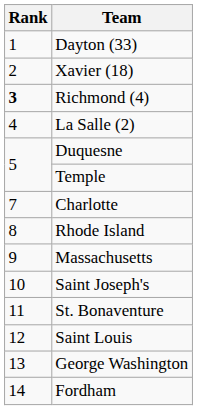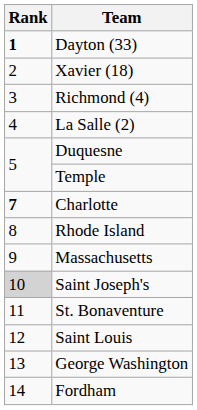 <table class=wikitable>
 <tr>
 <th>Rank</th>
 <th>Team</th>
 </tr>
 <tr>
-<td>1</td>
+<td><strong>1</strong></td>
 <td>Dayton (33)</td>
 </tr>
 <tr>
 <td>2</td>
 <td>Xavier (18)</td>
 </tr>
 <tr>
-<td><strong>3</strong></td>
+<td>3</td>
 <td>Richmond (4)</td>
 </tr>
 <tr>
 <td>4</td>
 <td>La Salle (2)</td>
 </tr>
 <tr>
 <td rowspan="2" style="vertical-align:middle;">5</td>
 <td>Duquesne</td>
 </tr>
 <tr>
 <td>Temple</td>
 </tr>
 <tr>
-<td>7</td>
+<td><strong>7</strong></td>
 <td>Charlotte</td>
 </tr>
 <tr>
 <td>8</td>
 <td>Rhode Island</td>
 </tr>
 <tr>
 <td>9</td>
 <td>Massachusetts</td>
 </tr>
 <tr>
-<td>10</td>
+<td style="background: lightgrey;">10</td>
 <td>Saint Joseph's</td>
 </tr>
 <tr>
 <td>11</td>
 <td>St. Bonaventure</td>
 </tr>
 <tr>
 <td>12</td>
 <td>Saint Louis</td>
 </tr>
 <tr>
 <td>13</td>
 <td>George Washington</td>
 </tr>
 <tr>
 <td>14</td>
 <td>Fordham</td>
 </tr>
 </table>
